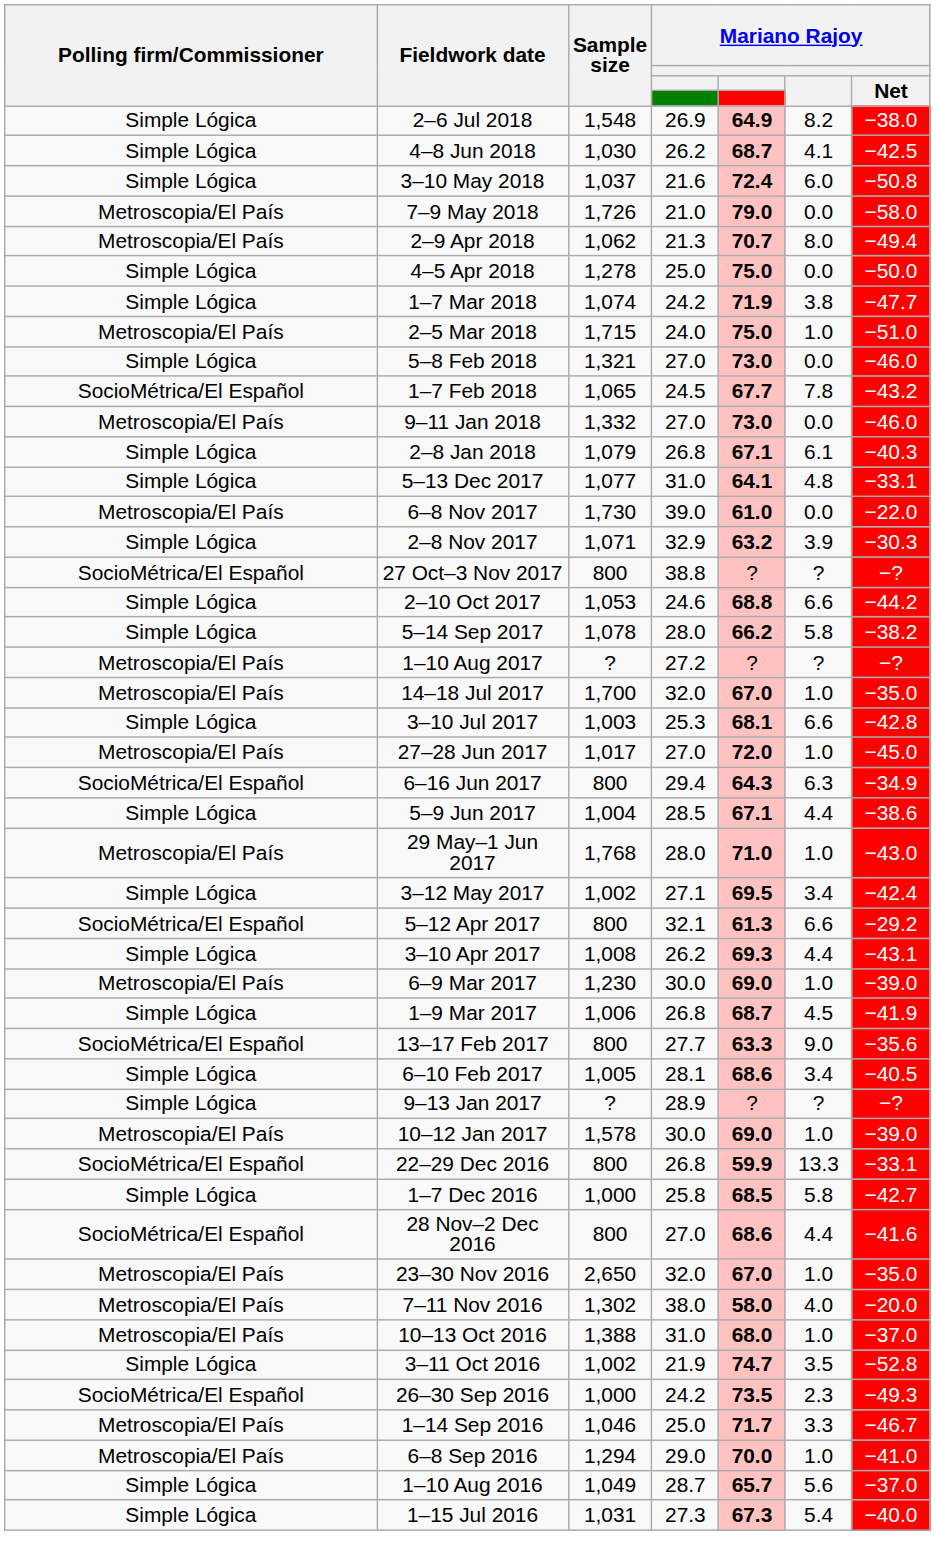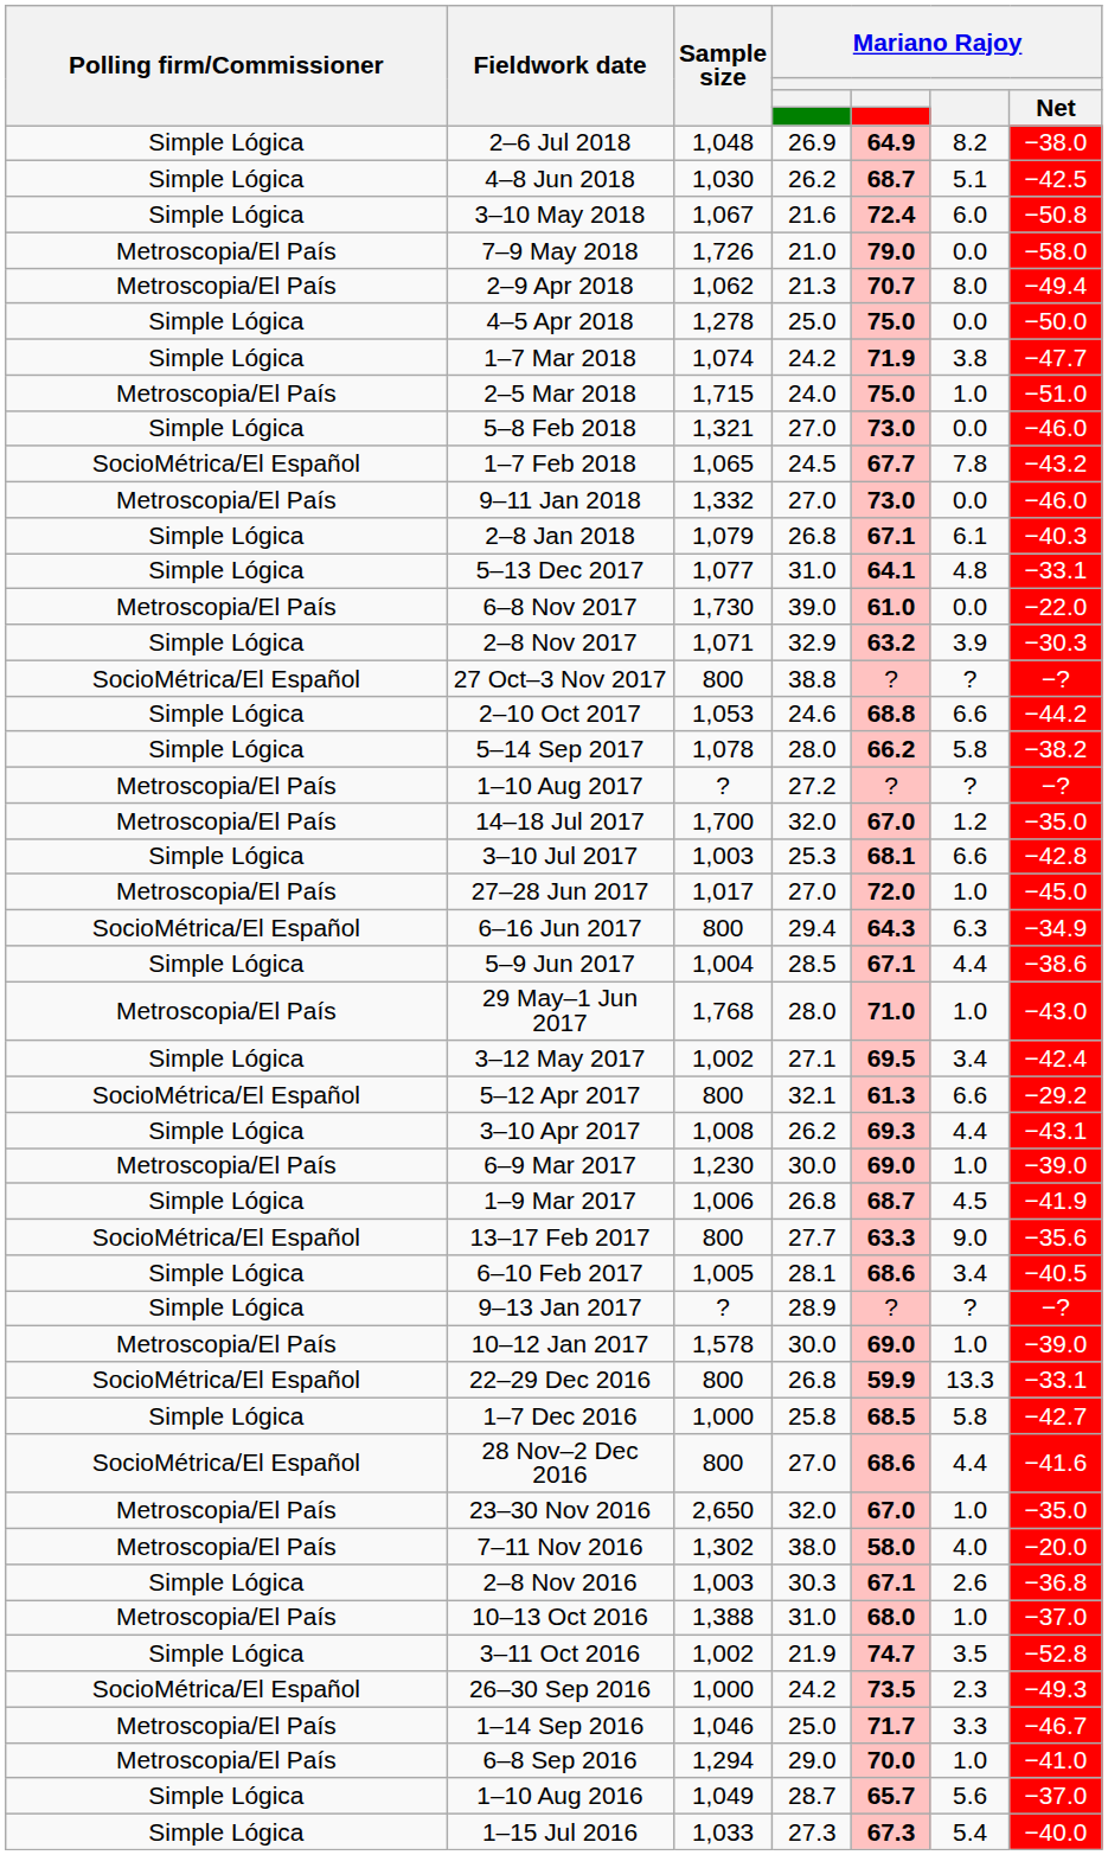 <table class="wikitable collapsible collapsed" style="text-align:center; font-size:90%; line-height:14px;">
 <tr style="height:42px;">
 <th style="width:250px;" rowspan="4">Polling firm/Commissioner</th>
 <th style="width:125px;" rowspan="4">Fieldwork date</th>
 <th style="width:50px;" rowspan="4">Sample size</th>
 <th style="width:185px;" colspan="4"><a href='#'>Mariano Rajoy</a><br></th>
 </tr>
 <tr>
 <th colspan="4" style="background:"></th>
 </tr>
 <tr>
 <th style="width:30px;"></th>
 <th style="width:30px;"></th>
 <th style="width:30px;" rowspan="2"></th>
 <th style="width:30px;" rowspan="2">Net</th>
 </tr>
 <tr>
 <th style="color:inherit;background:#008000;"></th>
 <th style="color:inherit;background:#FF0000;"></th>
 </tr>
 <tr>
 <td>Simple Lógica</td>
 <td>2–6 Jul 2018</td>
-<td>1,548</td>
+<td>1,048</td>
 <td>26.9</td>
 <td style="background:#FFC2C1;"><strong>64.9</strong></td>
 <td>8.2</td>
 <td style="background:#FF0000; color:white;">−38.0</td>
 </tr>
 <tr>
 <td>Simple Lógica</td>
 <td>4–8 Jun 2018</td>
 <td>1,030</td>
 <td>26.2</td>
 <td style="background:#FFC2C1;"><strong>68.7</strong></td>
-<td>4.1</td>
+<td>5.1</td>
 <td style="background:#FF0000; color:white;">−42.5</td>
 </tr>
 <tr>
 <td>Simple Lógica</td>
 <td>3–10 May 2018</td>
-<td>1,037</td>
+<td>1,067</td>
 <td>21.6</td>
 <td style="background:#FFC2C1;"><strong>72.4</strong></td>
 <td>6.0</td>
 <td style="background:#FF0000; color:white;">−50.8</td>
 </tr>
 <tr>
 <td>Metroscopia/El País</td>
 <td>7–9 May 2018</td>
 <td>1,726</td>
 <td>21.0</td>
 <td style="background:#FFC2C1;"><strong>79.0</strong></td>
 <td>0.0</td>
 <td style="background:#FF0000; color:white;">−58.0</td>
 </tr>
 <tr>
 <td>Metroscopia/El País</td>
 <td>2–9 Apr 2018</td>
 <td>1,062</td>
 <td>21.3</td>
 <td style="background:#FFC2C1;"><strong>70.7</strong></td>
 <td>8.0</td>
 <td style="background:#FF0000; color:white;">−49.4</td>
 </tr>
 <tr>
 <td>Simple Lógica</td>
 <td>4–5 Apr 2018</td>
 <td>1,278</td>
 <td>25.0</td>
 <td style="background:#FFC2C1;"><strong>75.0</strong></td>
 <td>0.0</td>
 <td style="background:#FF0000; color:white;">−50.0</td>
 </tr>
 <tr>
 <td>Simple Lógica</td>
 <td>1–7 Mar 2018</td>
 <td>1,074</td>
 <td>24.2</td>
 <td style="background:#FFC2C1;"><strong>71.9</strong></td>
 <td>3.8</td>
 <td style="background:#FF0000; color:white;">−47.7</td>
 </tr>
 <tr>
 <td>Metroscopia/El País</td>
 <td>2–5 Mar 2018</td>
 <td>1,715</td>
 <td>24.0</td>
 <td style="background:#FFC2C1;"><strong>75.0</strong></td>
 <td>1.0</td>
 <td style="background:#FF0000; color:white;">−51.0</td>
 </tr>
 <tr>
 <td>Simple Lógica</td>
 <td>5–8 Feb 2018</td>
 <td>1,321</td>
 <td>27.0</td>
 <td style="background:#FFC2C1;"><strong>73.0</strong></td>
 <td>0.0</td>
 <td style="background:#FF0000; color:white;">−46.0</td>
 </tr>
 <tr>
 <td>SocioMétrica/El Español</td>
 <td>1–7 Feb 2018</td>
 <td>1,065</td>
 <td>24.5</td>
 <td style="background:#FFC2C1;"><strong>67.7</strong></td>
 <td>7.8</td>
 <td style="background:#FF0000; color:white;">−43.2</td>
 </tr>
 <tr>
 <td>Metroscopia/El País</td>
 <td>9–11 Jan 2018</td>
 <td>1,332</td>
 <td>27.0</td>
 <td style="background:#FFC2C1;"><strong>73.0</strong></td>
 <td>0.0</td>
 <td style="background:#FF0000; color:white;">−46.0</td>
 </tr>
 <tr>
 <td>Simple Lógica</td>
 <td>2–8 Jan 2018</td>
 <td>1,079</td>
 <td>26.8</td>
 <td style="background:#FFC2C1;"><strong>67.1</strong></td>
 <td>6.1</td>
 <td style="background:#FF0000; color:white;">−40.3</td>
 </tr>
 <tr>
 <td>Simple Lógica</td>
 <td>5–13 Dec 2017</td>
 <td>1,077</td>
 <td>31.0</td>
 <td style="background:#FFC2C1;"><strong>64.1</strong></td>
 <td>4.8</td>
 <td style="background:#FF0000; color:white;">−33.1</td>
 </tr>
 <tr>
 <td>Metroscopia/El País</td>
 <td>6–8 Nov 2017</td>
 <td>1,730</td>
 <td>39.0</td>
 <td style="background:#FFC2C1;"><strong>61.0</strong></td>
 <td>0.0</td>
 <td style="background:#FF0000; color:white;">−22.0</td>
 </tr>
 <tr>
 <td>Simple Lógica</td>
 <td>2–8 Nov 2017</td>
 <td>1,071</td>
 <td>32.9</td>
 <td style="background:#FFC2C1;"><strong>63.2</strong></td>
 <td>3.9</td>
 <td style="background:#FF0000; color:white;">−30.3</td>
 </tr>
 <tr>
 <td>SocioMétrica/El Español</td>
 <td>27 Oct–3 Nov 2017</td>
 <td>800</td>
 <td>38.8</td>
 <td style="background:#FFC2C1;">?</td>
 <td>?</td>
 <td style="background:#FF0000; color:white;">−?</td>
 </tr>
 <tr>
 <td>Simple Lógica</td>
 <td>2–10 Oct 2017</td>
 <td>1,053</td>
 <td>24.6</td>
 <td style="background:#FFC2C1;"><strong>68.8</strong></td>
 <td>6.6</td>
 <td style="background:#FF0000; color:white;">−44.2</td>
 </tr>
 <tr>
 <td>Simple Lógica</td>
 <td>5–14 Sep 2017</td>
 <td>1,078</td>
 <td>28.0</td>
 <td style="background:#FFC2C1;"><strong>66.2</strong></td>
 <td>5.8</td>
 <td style="background:#FF0000; color:white;">−38.2</td>
 </tr>
 <tr>
 <td>Metroscopia/El País</td>
 <td>1–10 Aug 2017</td>
 <td>?</td>
 <td>27.2</td>
 <td style="background:#FFC2C1;">?</td>
 <td>?</td>
 <td style="background:#FF0000; color:white;">−?</td>
 </tr>
 <tr>
 <td>Metroscopia/El País</td>
 <td>14–18 Jul 2017</td>
 <td>1,700</td>
 <td>32.0</td>
 <td style="background:#FFC2C1;"><strong>67.0</strong></td>
-<td>1.0</td>
+<td>1.2</td>
 <td style="background:#FF0000; color:white;">−35.0</td>
 </tr>
 <tr>
 <td>Simple Lógica</td>
 <td>3–10 Jul 2017</td>
 <td>1,003</td>
 <td>25.3</td>
 <td style="background:#FFC2C1;"><strong>68.1</strong></td>
 <td>6.6</td>
 <td style="background:#FF0000; color:white;">−42.8</td>
 </tr>
 <tr>
 <td>Metroscopia/El País</td>
 <td>27–28 Jun 2017</td>
 <td>1,017</td>
 <td>27.0</td>
 <td style="background:#FFC2C1;"><strong>72.0</strong></td>
 <td>1.0</td>
 <td style="background:#FF0000; color:white;">−45.0</td>
 </tr>
 <tr>
 <td>SocioMétrica/El Español</td>
 <td>6–16 Jun 2017</td>
 <td>800</td>
 <td>29.4</td>
 <td style="background:#FFC2C1;"><strong>64.3</strong></td>
 <td>6.3</td>
 <td style="background:#FF0000; color:white;">−34.9</td>
 </tr>
 <tr>
 <td>Simple Lógica</td>
 <td>5–9 Jun 2017</td>
 <td>1,004</td>
 <td>28.5</td>
 <td style="background:#FFC2C1;"><strong>67.1</strong></td>
 <td>4.4</td>
 <td style="background:#FF0000; color:white;">−38.6</td>
 </tr>
 <tr>
 <td>Metroscopia/El País</td>
 <td>29 May–1 Jun 2017</td>
 <td>1,768</td>
 <td>28.0</td>
 <td style="background:#FFC2C1;"><strong>71.0</strong></td>
 <td>1.0</td>
 <td style="background:#FF0000; color:white;">−43.0</td>
 </tr>
 <tr>
 <td>Simple Lógica</td>
 <td>3–12 May 2017</td>
 <td>1,002</td>
 <td>27.1</td>
 <td style="background:#FFC2C1;"><strong>69.5</strong></td>
 <td>3.4</td>
 <td style="background:#FF0000; color:white;">−42.4</td>
 </tr>
 <tr>
 <td>SocioMétrica/El Español</td>
 <td>5–12 Apr 2017</td>
 <td>800</td>
 <td>32.1</td>
 <td style="background:#FFC2C1;"><strong>61.3</strong></td>
 <td>6.6</td>
 <td style="background:#FF0000; color:white;">−29.2</td>
 </tr>
 <tr>
 <td>Simple Lógica</td>
 <td>3–10 Apr 2017</td>
 <td>1,008</td>
 <td>26.2</td>
 <td style="background:#FFC2C1;"><strong>69.3</strong></td>
 <td>4.4</td>
 <td style="background:#FF0000; color:white;">−43.1</td>
 </tr>
 <tr>
 <td>Metroscopia/El País</td>
 <td>6–9 Mar 2017</td>
 <td>1,230</td>
 <td>30.0</td>
 <td style="background:#FFC2C1;"><strong>69.0</strong></td>
 <td>1.0</td>
 <td style="background:#FF0000; color:white;">−39.0</td>
 </tr>
 <tr>
 <td>Simple Lógica</td>
 <td>1–9 Mar 2017</td>
 <td>1,006</td>
 <td>26.8</td>
 <td style="background:#FFC2C1;"><strong>68.7</strong></td>
 <td>4.5</td>
 <td style="background:#FF0000; color:white;">−41.9</td>
 </tr>
 <tr>
 <td>SocioMétrica/El Español</td>
 <td>13–17 Feb 2017</td>
 <td>800</td>
 <td>27.7</td>
 <td style="background:#FFC2C1;"><strong>63.3</strong></td>
 <td>9.0</td>
 <td style="background:#FF0000; color:white;">−35.6</td>
 </tr>
 <tr>
 <td>Simple Lógica</td>
 <td>6–10 Feb 2017</td>
 <td>1,005</td>
 <td>28.1</td>
 <td style="background:#FFC2C1;"><strong>68.6</strong></td>
 <td>3.4</td>
 <td style="background:#FF0000; color:white;">−40.5</td>
 </tr>
 <tr>
 <td>Simple Lógica</td>
 <td>9–13 Jan 2017</td>
 <td>?</td>
 <td>28.9</td>
 <td style="background:#FFC2C1;">?</td>
 <td>?</td>
 <td style="background:#FF0000; color:white;">−?</td>
 </tr>
 <tr>
 <td>Metroscopia/El País</td>
 <td>10–12 Jan 2017</td>
 <td>1,578</td>
 <td>30.0</td>
 <td style="background:#FFC2C1;"><strong>69.0</strong></td>
 <td>1.0</td>
 <td style="background:#FF0000; color:white;">−39.0</td>
 </tr>
 <tr>
 <td>SocioMétrica/El Español</td>
 <td>22–29 Dec 2016</td>
 <td>800</td>
 <td>26.8</td>
 <td style="background:#FFC2C1;"><strong>59.9</strong></td>
 <td>13.3</td>
 <td style="background:#FF0000; color:white;">−33.1</td>
 </tr>
 <tr>
 <td>Simple Lógica</td>
 <td>1–7 Dec 2016</td>
 <td>1,000</td>
 <td>25.8</td>
 <td style="background:#FFC2C1;"><strong>68.5</strong></td>
 <td>5.8</td>
 <td style="background:#FF0000; color:white;">−42.7</td>
 </tr>
 <tr>
 <td>SocioMétrica/El Español</td>
 <td>28 Nov–2 Dec 2016</td>
 <td>800</td>
 <td>27.0</td>
 <td style="background:#FFC2C1;"><strong>68.6</strong></td>
 <td>4.4</td>
 <td style="background:#FF0000; color:white;">−41.6</td>
 </tr>
 <tr>
 <td>Metroscopia/El País</td>
 <td>23–30 Nov 2016</td>
 <td>2,650</td>
 <td>32.0</td>
 <td style="background:#FFC2C1;"><strong>67.0</strong></td>
 <td>1.0</td>
 <td style="background:#FF0000; color:white;">−35.0</td>
 </tr>
 <tr>
 <td>Metroscopia/El País</td>
 <td>7–11 Nov 2016</td>
 <td>1,302</td>
 <td>38.0</td>
 <td style="background:#FFC2C1;"><strong>58.0</strong></td>
 <td>4.0</td>
 <td style="background:#FF0000; color:white;">−20.0</td>
 </tr>
 <tr>
+<td>Simple Lógica</td>
+<td>2–8 Nov 2016</td>
+<td>1,003</td>
+<td>30.3</td>
+<td style="background:#FFC2C1;"><strong>67.1</strong></td>
+<td>2.6</td>
+<td style="background:#FF0000; color:white;">−36.8</td>
+</tr>
+<tr>
 <td>Metroscopia/El País</td>
 <td>10–13 Oct 2016</td>
 <td>1,388</td>
 <td>31.0</td>
 <td style="background:#FFC2C1;"><strong>68.0</strong></td>
 <td>1.0</td>
 <td style="background:#FF0000; color:white;">−37.0</td>
 </tr>
 <tr>
 <td>Simple Lógica</td>
 <td>3–11 Oct 2016</td>
 <td>1,002</td>
 <td>21.9</td>
 <td style="background:#FFC2C1;"><strong>74.7</strong></td>
 <td>3.5</td>
 <td style="background:#FF0000; color:white;">−52.8</td>
 </tr>
 <tr>
 <td>SocioMétrica/El Español</td>
 <td>26–30 Sep 2016</td>
 <td>1,000</td>
 <td>24.2</td>
 <td style="background:#FFC2C1;"><strong>73.5</strong></td>
 <td>2.3</td>
 <td style="background:#FF0000; color:white;">−49.3</td>
 </tr>
 <tr>
 <td>Metroscopia/El País</td>
 <td>1–14 Sep 2016</td>
 <td>1,046</td>
 <td>25.0</td>
 <td style="background:#FFC2C1;"><strong>71.7</strong></td>
 <td>3.3</td>
 <td style="background:#FF0000; color:white;">−46.7</td>
 </tr>
 <tr>
 <td>Metroscopia/El País</td>
 <td>6–8 Sep 2016</td>
 <td>1,294</td>
 <td>29.0</td>
 <td style="background:#FFC2C1;"><strong>70.0</strong></td>
 <td>1.0</td>
 <td style="background:#FF0000; color:white;">−41.0</td>
 </tr>
 <tr>
 <td>Simple Lógica</td>
 <td>1–10 Aug 2016</td>
 <td>1,049</td>
 <td>28.7</td>
 <td style="background:#FFC2C1;"><strong>65.7</strong></td>
 <td>5.6</td>
 <td style="background:#FF0000; color:white;">−37.0</td>
 </tr>
 <tr>
 <td>Simple Lógica</td>
 <td>1–15 Jul 2016</td>
-<td>1,031</td>
+<td>1,033</td>
 <td>27.3</td>
 <td style="background:#FFC2C1;"><strong>67.3</strong></td>
 <td>5.4</td>
 <td style="background:#FF0000; color:white;">−40.0</td>
 </tr>
 </table>
